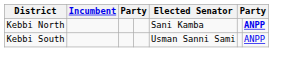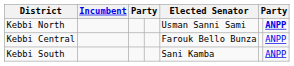 <table class="sortable wikitable" style="font-size:95%;line-height:14px;">
 <tr>
 <th class="unsortable">District</th>
 <th class="unsortable"><a href='#'>Incumbent</a></th>
 <th colspan="2">Party</th>
 <th class="unsortable">Elected Senator</th>
 <th colspan="2">Party</th>
 </tr>
 <tr>
 <td>Kebbi North</td>
 <td></td>
 <td></td>
 <td></td>
-<td>Sani Kamba</td>
+<td>Usman Sanni Sami</td>
 <td style="background:"></td>
 <td><strong><a href='#'>ANPP</a></strong></td>
+</tr>
+<tr>
+<td>Kebbi Central</td>
+<td></td>
+<td></td>
+<td></td>
+<td>Farouk Bello Bunza</td>
+<td style="background:"></td>
+<td><a href='#'>ANPP</a></td>
 </tr>
 <tr>
 <td>Kebbi South</td>
 <td></td>
 <td></td>
 <td></td>
-<td>Usman Sanni Sami</td>
+<td>Sani Kamba</td>
 <td style="background:"></td>
 <td><a href='#'>ANPP</a></td>
 </tr>
 </table>
